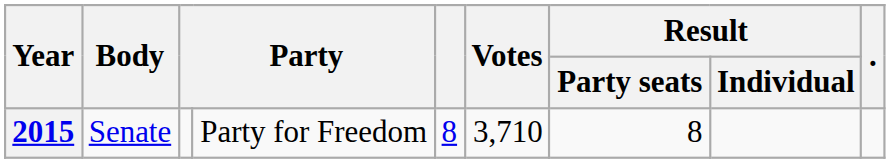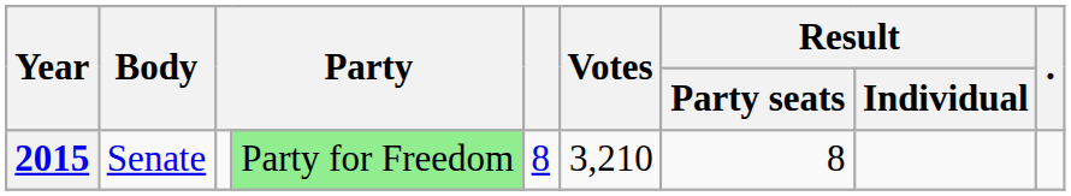 <table class="wikitable plainrowheaders sortable" border=2 cellpadding=4 cellspacing=0 style="border: 1px #aaa solid; font-size: 90%; text-align:center;">
 <tr>
 <th scope="col" rowspan=2>Year</th>
 <th scope="col" rowspan=2>Body</th>
 <th scope="col" colspan=2 rowspan=2>Party</th>
 <th scope="col" rowspan=2></th>
 <th scope="col" rowspan=2>Votes</th>
 <th scope="colgroup" colspan=2>Result</th>
 <th scope="col" rowspan=2 class="unsortable">.</th>
 </tr>
 <tr>
 <th scope="col">Party seats</th>
 <th scope="col">Individual</th>
 </tr>
 <tr>
 <th scope="row"><a href='#'>2015</a></th>
 <td><a href='#'>Senate</a></td>
 <td style="background-color:"></td>
-<td>Party for Freedom</td>
+<td style="background: lightgreen;">Party for Freedom</td>
 <td style=text-align:right><a href='#'>8</a></td>
-<td style=text-align:right>3,710</td>
+<td style=text-align:right>3,210</td>
 <td style=text-align:right>8</td>
 <td></td>
 <td></td>
 </tr>
 </table>
